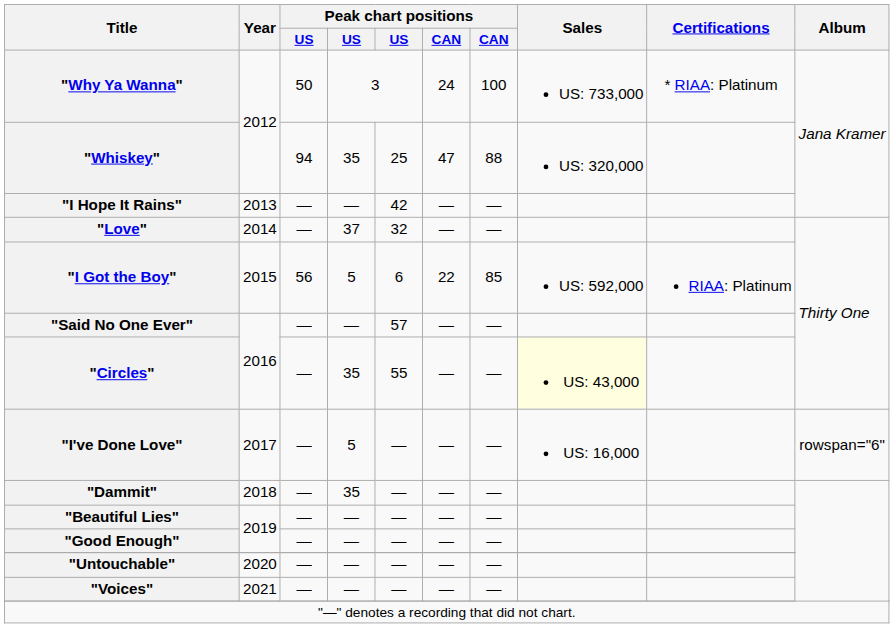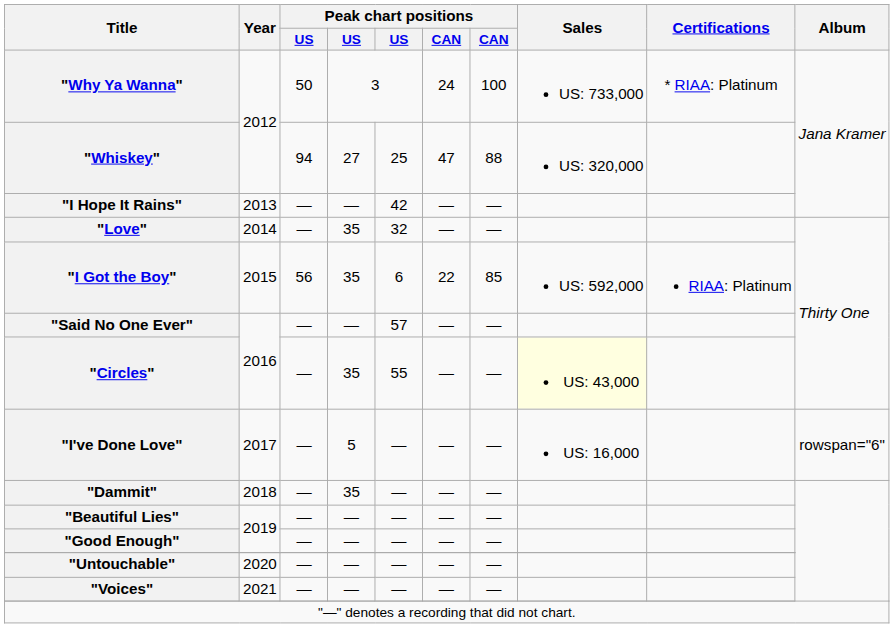 <table class="wikitable plainrowheaders" style="text-align:center;" border="1">
 <tr>
 <th scope="col" rowspan="2" style="width:15em;">Title</th>
 <th scope="col" rowspan="2">Year</th>
 <th scope="col" colspan="5">Peak chart positions</th>
 <th scope="col" rowspan="2">Sales</th>
 <th scope="col" rowspan="2"><a href='#'>Certifications</a></th>
 <th scope="col" rowspan="2">Album</th>
 </tr>
 <tr>
 <th scope="col" style="width:3em;font-size:90%;"><a href='#'>US</a><br></th>
 <th scope="col" style="width:3em;font-size:90%;"><a href='#'>US </a><br></th>
 <th scope="col" style="width:3em;font-size:90%;"><a href='#'>US </a><br></th>
 <th scope="col" style="width:3em;font-size:90%;"><a href='#'>CAN </a><br></th>
 <th scope="col" style="width:3em;font-size:90%;"><a href='#'>CAN</a><br></th>
 </tr>
 <tr>
 <th scope="row">"<a href='#'>Why Ya Wanna</a>"</th>
 <td rowspan="2">2012</td>
 <td>50</td>
 <td colspan="2">3</td>
 <td>24</td>
 <td>100</td>
 <td><br><ul><li>US: 733,000</li></ul></td>
 <td>* <a href='#'>RIAA</a>: Platinum</td>
 <td align="left" rowspan="3"><em>Jana Kramer</em></td>
 </tr>
 <tr>
 <th scope="row">"<a href='#'>Whiskey</a>"</th>
 <td>94</td>
-<td>35</td>
+<td>27</td>
 <td>25</td>
 <td>47</td>
 <td>88</td>
 <td><br><ul><li>US: 320,000</li></ul></td>
 <td></td>
 </tr>
 <tr>
 <th scope="row">"I Hope It Rains"</th>
 <td>2013</td>
 <td>—</td>
 <td>—</td>
 <td>42</td>
 <td>—</td>
 <td>—</td>
 <td></td>
 <td></td>
 </tr>
 <tr>
 <th scope="row">"<a href='#'>Love</a>"</th>
 <td>2014</td>
 <td>—</td>
-<td>37</td>
+<td>35</td>
 <td>32</td>
 <td>—</td>
 <td>—</td>
 <td></td>
 <td></td>
 <td align="left" rowspan="4"><em>Thirty One</em></td>
 </tr>
 <tr>
 <th scope="row">"<a href='#'>I Got the Boy</a>"</th>
 <td>2015</td>
 <td>56</td>
-<td>5</td>
+<td>35</td>
 <td>6</td>
 <td>22</td>
 <td>85</td>
 <td><br><ul><li>US: 592,000</li></ul></td>
 <td><br><ul><li><a href='#'>RIAA</a>: Platinum</li></ul></td>
 </tr>
 <tr>
 <th scope="row">"Said No One Ever"</th>
 <td rowspan="2">2016</td>
 <td>—</td>
 <td>—</td>
 <td>57</td>
 <td>—</td>
 <td>—</td>
 <td></td>
 <td></td>
 </tr>
 <tr>
 <th scope="row">"<a href='#'>Circles</a>"</th>
 <td>—</td>
 <td>35</td>
 <td>55</td>
 <td>—</td>
 <td>—</td>
 <td style="background: lightyellow;"><br><ul><li>US: 43,000</li></ul></td>
 <td></td>
 </tr>
 <tr>
 <th scope="row">"I've Done Love"</th>
 <td>2017</td>
 <td>—</td>
 <td>5</td>
 <td>—</td>
 <td>—</td>
 <td>—</td>
 <td><br><ul><li>US: 16,000</li></ul></td>
 <td></td>
 <td>rowspan="6" </td>
 </tr>
 <tr>
 <th scope="row">"Dammit"</th>
 <td>2018</td>
 <td>—</td>
 <td>35</td>
 <td>—</td>
 <td>—</td>
 <td>—</td>
 <td></td>
 <td></td>
 </tr>
 <tr>
 <th scope="row">"Beautiful Lies"</th>
 <td rowspan="2">2019</td>
 <td>—</td>
 <td>—</td>
 <td>—</td>
 <td>—</td>
 <td>—</td>
 <td></td>
 <td></td>
 </tr>
 <tr>
 <th scope="row">"Good Enough"</th>
 <td>—</td>
 <td>—</td>
 <td>—</td>
 <td>—</td>
 <td>—</td>
 <td></td>
 <td></td>
 </tr>
 <tr>
 </tr>
 <tr>
 <th scope="row">"Untouchable"</th>
 <td>2020</td>
 <td>—</td>
 <td>—</td>
 <td>—</td>
 <td>—</td>
 <td>—</td>
 <td></td>
 <td></td>
 </tr>
 <tr>
 <th scope="row">"Voices"</th>
 <td>2021</td>
 <td>—</td>
 <td>—</td>
 <td>—</td>
 <td>—</td>
 <td>—</td>
 <td></td>
 <td></td>
 </tr>
 <tr>
 </tr>
 <tr>
 <td colspan="10" style="font-size:90%">"—" denotes a recording that did not chart.</td>
 </tr>
 </table>
